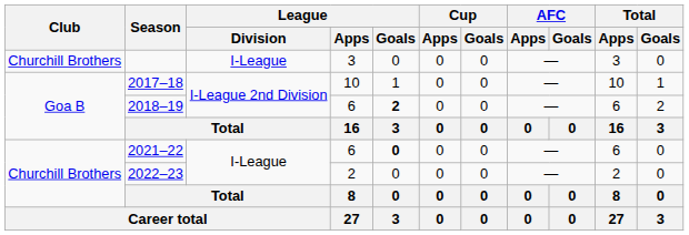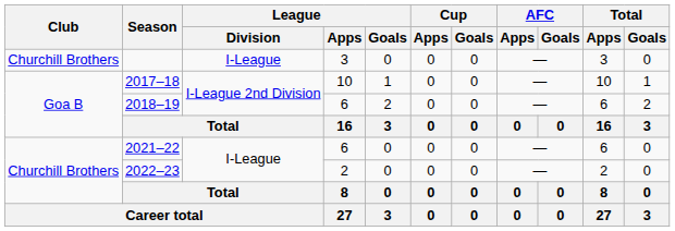 <table class="wikitable" style="text-align: center;">
 <tr>
 <th rowspan="2">Club</th>
 <th rowspan="2">Season</th>
 <th colspan="3">League</th>
 <th colspan="2">Cup</th>
 <th colspan="2"><a href='#'>AFC</a></th>
 <th colspan="2">Total</th>
 </tr>
 <tr>
 <th>Division</th>
 <th>Apps</th>
 <th>Goals</th>
 <th>Apps</th>
 <th>Goals</th>
 <th>Apps</th>
 <th>Goals</th>
 <th>Apps</th>
 <th>Goals</th>
 </tr>
 <tr>
 <td rowspan="1"><a href='#'>Churchill Brothers</a></td>
 <td></td>
 <td rowspan="1"><a href='#'>I-League</a></td>
 <td>3</td>
 <td>0</td>
 <td>0</td>
 <td>0</td>
 <td colspan="2">—</td>
 <td>3</td>
 <td>0</td>
 </tr>
 <tr>
 <td rowspan="3"><a href='#'>Goa B</a></td>
 <td><a href='#'>2017–18</a></td>
 <td rowspan="2"><a href='#'>I-League 2nd Division</a></td>
 <td>10</td>
 <td>1</td>
 <td>0</td>
 <td>0</td>
 <td colspan="2">—</td>
 <td>10</td>
 <td>1</td>
 </tr>
 <tr>
 <td><a href='#'>2018–19</a></td>
 <td>6</td>
-<td><strong>2</strong></td>
+<td>2</td>
 <td>0</td>
 <td>0</td>
 <td colspan="2">—</td>
 <td>6</td>
 <td>2</td>
 </tr>
 <tr>
 <th colspan="2">Total</th>
 <th>16</th>
 <th>3</th>
 <th>0</th>
 <th>0</th>
 <th>0</th>
 <th>0</th>
 <th>16</th>
 <th>3</th>
 </tr>
 <tr>
 <td rowspan="3"><a href='#'>Churchill Brothers</a></td>
 <td><a href='#'>2021–22</a></td>
 <td rowspan="2">I-League</td>
 <td>6</td>
-<td><strong>0</strong></td>
+<td>0</td>
 <td>0</td>
 <td>0</td>
 <td colspan="2">—</td>
 <td>6</td>
 <td>0</td>
 </tr>
 <tr>
 <td><a href='#'>2022–23</a></td>
 <td>2</td>
 <td>0</td>
 <td>0</td>
 <td>0</td>
 <td colspan="2">—</td>
 <td>2</td>
 <td>0</td>
 </tr>
 <tr>
 <th colspan="2">Total</th>
 <th>8</th>
 <th>0</th>
 <th>0</th>
 <th>0</th>
 <th>0</th>
 <th>0</th>
 <th>8</th>
 <th>0</th>
 </tr>
 <tr>
 <th colspan="3">Career total</th>
 <th>27</th>
 <th>3</th>
 <th>0</th>
 <th>0</th>
 <th>0</th>
 <th>0</th>
 <th>27</th>
 <th>3</th>
 </tr>
 </table>
